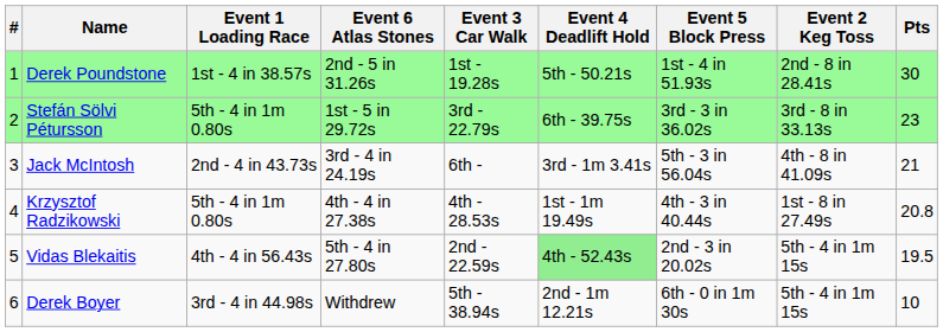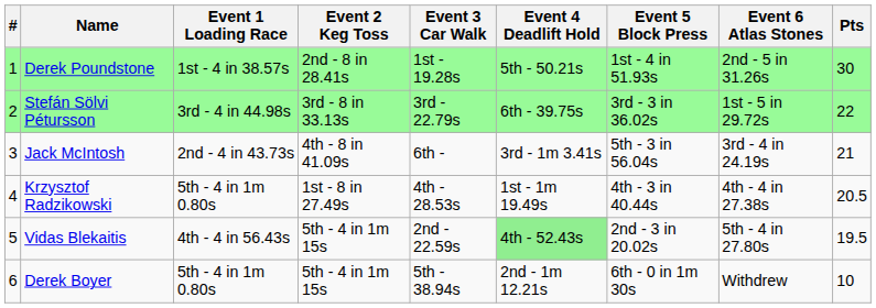 <table class="wikitable sortable" style="display: inline-table; width: 100%;">
 <tr>
 <th>#</th>
 <th>Name</th>
 <th>Event 1<br>Loading Race</th>
-<th>Event 6<br>Atlas Stones</th>
+<th>Event 2<br>Keg Toss</th>
 <th>Event 3<br>Car Walk</th>
 <th>Event 4<br>Deadlift Hold</th>
 <th>Event 5<br>Block Press</th>
-<th>Event 2<br>Keg Toss</th>
+<th>Event 6<br>Atlas Stones</th>
 <th>Pts</th>
 </tr>
 <tr style="background:palegreen">
 <td>1</td>
 <td> <a href='#'>Derek Poundstone</a></td>
 <td>1st - 4 in 38.57s</td>
-<td>2nd - 5 in 31.26s</td>
+<td>2nd - 8 in 28.41s</td>
 <td>1st - 19.28s</td>
 <td>5th - 50.21s</td>
 <td>1st - 4 in 51.93s</td>
-<td>2nd - 8 in 28.41s</td>
+<td>2nd - 5 in 31.26s</td>
 <td>30</td>
 </tr>
 <tr style="background:palegreen">
 <td>2</td>
 <td> <a href='#'>Stefán Sölvi Pétursson</a></td>
-<td>5th - 4 in 1m 0.80s</td>
-<td>1st - 5 in 29.72s</td>
+<td>3rd - 4 in 44.98s</td>
+<td>3rd - 8 in 33.13s</td>
 <td>3rd - 22.79s</td>
 <td>6th - 39.75s</td>
 <td>3rd - 3 in 36.02s</td>
-<td>3rd - 8 in 33.13s</td>
-<td>23</td>
+<td>1st - 5 in 29.72s</td>
+<td>22</td>
 </tr>
 <tr>
 <td>3</td>
 <td> <a href='#'>Jack McIntosh</a></td>
 <td>2nd - 4 in 43.73s</td>
-<td>3rd - 4 in 24.19s</td>
+<td>4th - 8 in 41.09s</td>
 <td>6th - </td>
 <td>3rd - 1m 3.41s</td>
 <td>5th - 3 in 56.04s</td>
-<td>4th - 8 in 41.09s</td>
+<td>3rd - 4 in 24.19s</td>
 <td>21</td>
 </tr>
 <tr>
 <td>4</td>
 <td> <a href='#'>Krzysztof Radzikowski</a></td>
 <td>5th - 4 in 1m 0.80s</td>
-<td>4th - 4 in 27.38s</td>
+<td>1st - 8 in 27.49s</td>
 <td>4th - 28.53s</td>
 <td>1st - 1m 19.49s</td>
 <td>4th - 3 in 40.44s</td>
-<td>1st - 8 in 27.49s</td>
-<td>20.8</td>
+<td>4th - 4 in 27.38s</td>
+<td>20.5</td>
 </tr>
 <tr>
 <td>5</td>
 <td> <a href='#'>Vidas Blekaitis</a></td>
 <td>4th - 4 in 56.43s</td>
-<td>5th - 4 in 27.80s</td>
+<td>5th - 4 in 1m 15s</td>
 <td>2nd - 22.59s</td>
 <td style="background: lightgreen;">4th - 52.43s</td>
 <td>2nd - 3 in 20.02s</td>
-<td>5th - 4 in 1m 15s</td>
+<td>5th - 4 in 27.80s</td>
 <td>19.5</td>
 </tr>
 <tr>
 <td>6</td>
 <td> <a href='#'>Derek Boyer</a></td>
-<td>3rd - 4 in 44.98s</td>
-<td>Withdrew</td>
+<td>5th - 4 in 1m 0.80s</td>
+<td>5th - 4 in 1m 15s</td>
 <td>5th - 38.94s</td>
 <td>2nd - 1m 12.21s</td>
 <td>6th - 0 in 1m 30s</td>
-<td>5th - 4 in 1m 15s</td>
+<td>Withdrew</td>
 <td>10</td>
 </tr>
 </table>
